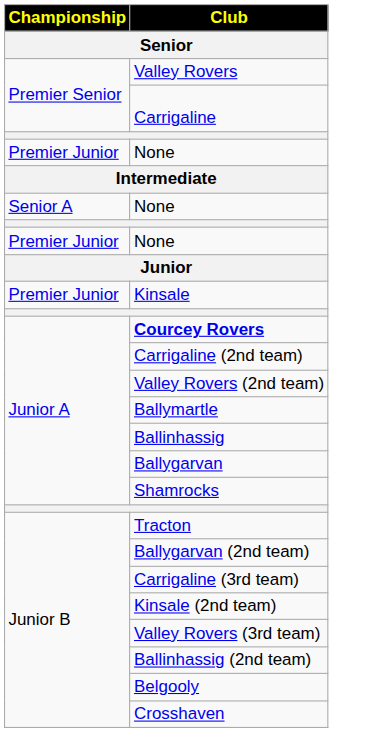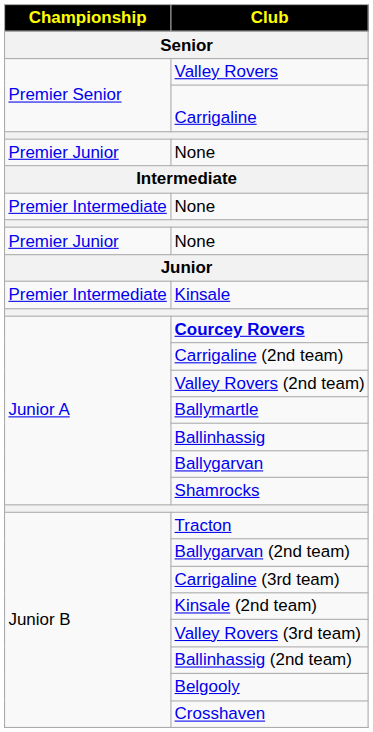 <table class="wikitable sortable">
 <tr>
 <th style="background:black;color:yellow">Championship</th>
 <th style="background:black;color:yellow">Club</th>
 </tr>
 <tr>
 <th colspan="2">Senior</th>
 </tr>
 <tr>
 <td rowspan="2"><a href='#'>Premier Senior</a></td>
 <td> <a href='#'>Valley Rovers</a></td>
 </tr>
 <tr>
 <td><br> <a href='#'>Carrigaline</a></td>
 </tr>
 <tr>
 <th colspan="2"></th>
 </tr>
 <tr>
 <td rowspan="1"><a href='#'>Premier Junior</a></td>
 <td colspan="1">None</td>
 </tr>
 <tr>
 <th colspan="2">Intermediate</th>
 </tr>
 <tr>
-<td rowspan="1"><a href='#'>Senior A</a></td>
+<td rowspan="1"><a href='#'>Premier Intermediate</a></td>
 <td colspan="1">None</td>
 </tr>
 <tr>
 <th colspan="2"></th>
 </tr>
 <tr>
 <td rowspan="1"><a href='#'>Premier Junior</a></td>
 <td colspan="1">None</td>
 </tr>
 <tr>
 <th colspan="2">Junior</th>
 </tr>
 <tr>
-<td rowspan="1"><a href='#'>Premier Junior</a></td>
+<td rowspan="1"><a href='#'>Premier Intermediate</a></td>
 <td> <a href='#'>Kinsale</a></td>
 </tr>
 <tr>
 <th colspan="2"></th>
 </tr>
 <tr>
 <td rowspan="7"><a href='#'>Junior A</a></td>
 <td><strong> <a href='#'>Courcey Rovers</a></strong></td>
 </tr>
 <tr>
 <td> <a href='#'>Carrigaline</a> (2nd team)</td>
 </tr>
 <tr>
 <td> <a href='#'>Valley Rovers</a> (2nd team)</td>
 </tr>
 <tr>
 <td> <a href='#'>Ballymartle</a></td>
 </tr>
 <tr>
 <td> <a href='#'>Ballinhassig</a></td>
 </tr>
 <tr>
 <td> <a href='#'>Ballygarvan</a></td>
 </tr>
 <tr>
 <td> <a href='#'>Shamrocks</a></td>
 </tr>
 <tr>
 <th colspan="2"></th>
 </tr>
 <tr>
 <td rowspan="8">Junior B</td>
 <td> <a href='#'>Tracton</a></td>
 </tr>
 <tr>
 <td> <a href='#'>Ballygarvan</a> (2nd team)</td>
 </tr>
 <tr>
 <td> <a href='#'>Carrigaline</a> (3rd team)</td>
 </tr>
 <tr>
 <td> <a href='#'>Kinsale</a> (2nd team)</td>
 </tr>
 <tr>
 <td> <a href='#'>Valley Rovers</a> (3rd team)</td>
 </tr>
 <tr>
 <td> <a href='#'>Ballinhassig</a> (2nd team)</td>
 </tr>
 <tr>
 <td> <a href='#'>Belgooly</a></td>
 </tr>
 <tr>
 <td> <a href='#'>Crosshaven</a></td>
 </tr>
 </table>
